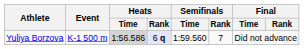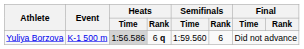 <table class="wikitable" style="font-size:90%">
 <tr>
 <th rowspan=2>Athlete</th>
 <th rowspan=2>Event</th>
 <th colspan=2>Heats</th>
 <th colspan=2>Semifinals</th>
 <th colspan=2>Final</th>
 </tr>
 <tr style="font-size:95%">
 <th>Time</th>
 <th>Rank</th>
 <th>Time</th>
 <th>Rank</th>
 <th>Time</th>
 <th>Rank</th>
 </tr>
 <tr align=center>
 <td align=left><a href='#'>Yuliya Borzova</a></td>
 <td align=left><a href='#'>K-1 500 m</a></td>
 <td style="background: lightgrey;">1:56.586</td>
-<td style="background: lavender;">6 <strong>q</strong></td>
+<td>6 <strong>q</strong></td>
 <td>1:59.560</td>
-<td>7</td>
+<td>6</td>
 <td colspan=2>Did not advance</td>
 </tr>
 </table>
